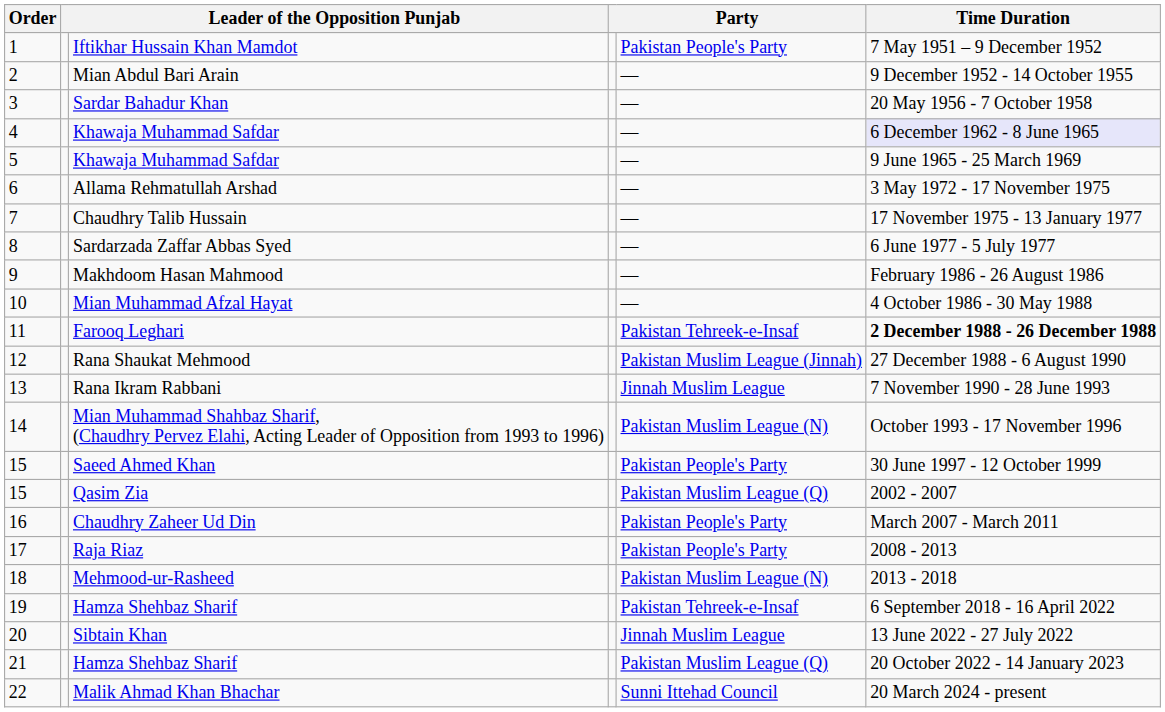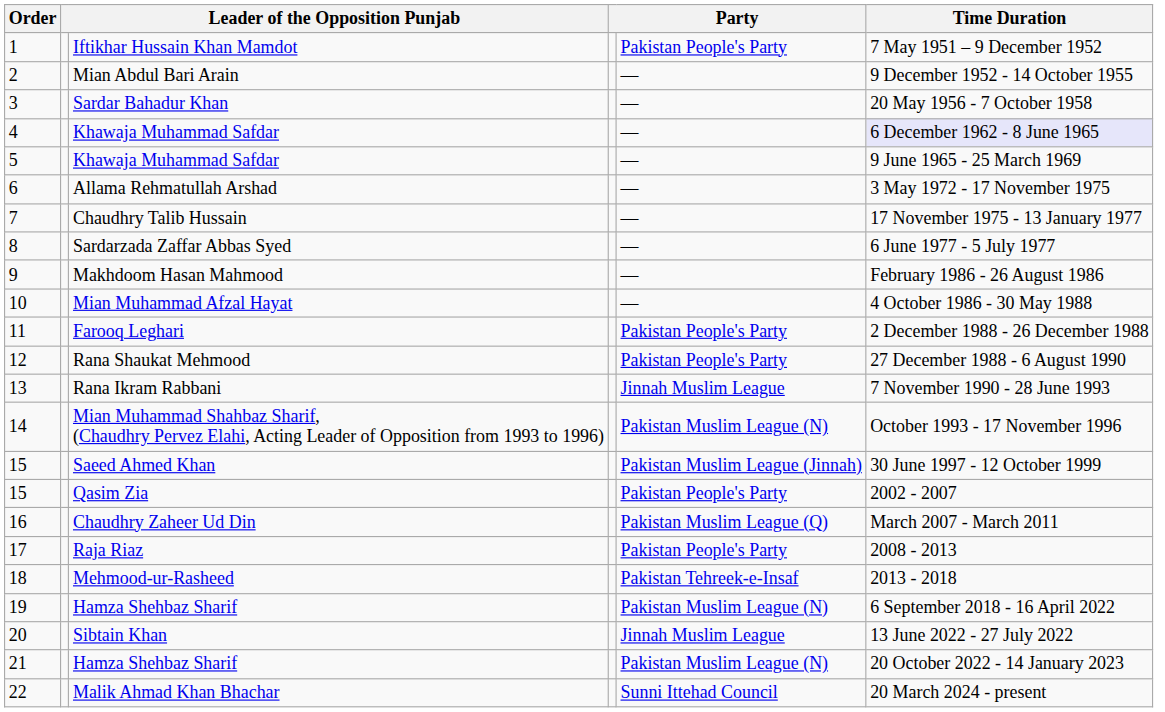 <table class="wikitable">
 <tr>
 <th>Order</th>
 <th colspan=2>Leader of the Opposition Punjab</th>
 <th colspan=2>Party</th>
 <th>Time Duration</th>
 </tr>
 <tr>
 <td>1</td>
 <td align="center"></td>
 <td><a href='#'>Iftikhar Hussain Khan Mamdot</a></td>
 <td align=center style="background-color:"></td>
 <td><a href='#'>Pakistan People's Party</a></td>
 <td>7 May 1951 – 9 December 1952</td>
 </tr>
 <tr>
 <td>2</td>
 <td align="center"></td>
 <td>Mian Abdul Bari Arain</td>
 <td align=center style="background-color: "></td>
 <td>—</td>
 <td>9 December 1952 - 14 October 1955</td>
 </tr>
 <tr>
 <td>3</td>
 <td align="center"></td>
 <td><a href='#'>Sardar Bahadur Khan</a></td>
 <td align=center style="background-color: "></td>
 <td>—</td>
 <td>20 May 1956 - 7 October 1958</td>
 </tr>
 <tr>
 <td>4</td>
 <td align="center"></td>
 <td><a href='#'>Khawaja Muhammad Safdar</a></td>
 <td align=center style="background-color: "></td>
 <td>—</td>
 <td style="background: lavender;">6 December 1962 - 8 June 1965</td>
 </tr>
 <tr>
 <td>5</td>
 <td align="center"></td>
 <td><a href='#'>Khawaja Muhammad Safdar</a></td>
 <td align=center style="background-color: "></td>
 <td>—</td>
 <td>9 June 1965 - 25 March 1969</td>
 </tr>
 <tr>
 <td>6</td>
 <td align="center"></td>
 <td>Allama Rehmatullah Arshad</td>
 <td align=center style="background-color: "></td>
 <td>—</td>
 <td>3 May 1972 - 17 November 1975</td>
 </tr>
 <tr>
 <td>7</td>
 <td align="center"></td>
 <td>Chaudhry Talib Hussain</td>
 <td align=center style="background-color: "></td>
 <td>—</td>
 <td>17 November 1975 - 13 January 1977</td>
 </tr>
 <tr>
 <td>8</td>
 <td align="center"></td>
 <td>Sardarzada Zaffar Abbas Syed</td>
 <td align=center style="background-color: "></td>
 <td>—</td>
 <td>6 June 1977 - 5 July 1977</td>
 </tr>
 <tr>
 <td>9</td>
 <td align="center"></td>
 <td>Makhdoom Hasan Mahmood</td>
 <td align=center style="background-color: "></td>
 <td>—</td>
 <td>February 1986 - 26 August 1986</td>
 </tr>
 <tr>
 <td>10</td>
 <td align="center"></td>
 <td><a href='#'>Mian Muhammad Afzal Hayat</a></td>
 <td align=center style="background-color: "></td>
 <td>—</td>
 <td>4 October 1986 - 30 May 1988</td>
 </tr>
 <tr>
 <td>11</td>
 <td align="center"></td>
 <td><a href='#'>Farooq Leghari</a></td>
 <td align=center style="background-color: "></td>
-<td><a href='#'>Pakistan Tehreek-e-Insaf</a></td>
-<td><strong>2 December 1988 - 26 December 1988</strong></td>
+<td><a href='#'>Pakistan People's Party</a></td>
+<td>2 December 1988 - 26 December 1988</td>
 </tr>
 <tr>
 <td>12</td>
 <td align="center"></td>
 <td>Rana Shaukat Mehmood</td>
 <td align=center style="background-color: "></td>
-<td><a href='#'>Pakistan Muslim League (Jinnah)</a></td>
+<td><a href='#'>Pakistan People's Party</a></td>
 <td>27 December 1988 - 6 August 1990</td>
 </tr>
 <tr>
 <td>13</td>
 <td align="center"></td>
 <td>Rana Ikram Rabbani</td>
 <td align=center style="background-color: "></td>
 <td><a href='#'>Jinnah Muslim League</a></td>
 <td>7 November 1990 - 28 June 1993</td>
 </tr>
 <tr>
 <td>14</td>
 <td align="center"></td>
 <td><a href='#'>Mian Muhammad Shahbaz Sharif</a>,<br> (<a href='#'>Chaudhry Pervez Elahi</a>, Acting Leader of Opposition from 1993 to 1996)</td>
 <td align=center style="background-color: "></td>
 <td><a href='#'>Pakistan Muslim League (N)</a></td>
 <td>October 1993 - 17 November 1996</td>
 </tr>
 <tr>
 <td>15</td>
 <td align="center"></td>
 <td><a href='#'>Saeed Ahmed Khan</a></td>
 <td align=center style="background-color: "></td>
-<td><a href='#'>Pakistan People's Party</a></td>
+<td><a href='#'>Pakistan Muslim League (Jinnah)</a></td>
 <td>30 June 1997 - 12 October 1999</td>
 </tr>
 <tr>
 <td>15</td>
 <td align="center"></td>
 <td><a href='#'>Qasim Zia</a></td>
 <td align=center style="background-color: "></td>
-<td><a href='#'>Pakistan Muslim League (Q)</a></td>
+<td><a href='#'>Pakistan People's Party</a></td>
 <td>2002 - 2007</td>
 </tr>
 <tr>
 <td>16</td>
 <td align="center"></td>
 <td><a href='#'>Chaudhry Zaheer Ud Din</a></td>
 <td align=center style="background-color: "></td>
-<td><a href='#'>Pakistan People's Party</a></td>
+<td><a href='#'>Pakistan Muslim League (Q)</a></td>
 <td>March 2007 - March 2011</td>
 </tr>
 <tr>
 <td>17</td>
 <td align="center"></td>
 <td><a href='#'>Raja Riaz</a></td>
 <td align=center style="background-color: "></td>
 <td><a href='#'>Pakistan People's Party</a></td>
 <td>2008 - 2013</td>
 </tr>
 <tr>
 <td>18</td>
 <td align="center"></td>
 <td><a href='#'>Mehmood-ur-Rasheed</a></td>
 <td align=center style="background-color: "></td>
-<td><a href='#'>Pakistan Muslim League (N)</a></td>
+<td><a href='#'>Pakistan Tehreek-e-Insaf</a></td>
 <td>2013 - 2018</td>
 </tr>
 <tr>
 <td>19</td>
 <td align="center"></td>
 <td><a href='#'>Hamza Shehbaz Sharif</a></td>
 <td align=center style="background-color: "></td>
-<td><a href='#'>Pakistan Tehreek-e-Insaf</a></td>
+<td><a href='#'>Pakistan Muslim League (N)</a></td>
 <td>6 September 2018 - 16 April 2022</td>
 </tr>
 <tr>
 <td>20</td>
 <td align="center"></td>
 <td><a href='#'>Sibtain Khan</a></td>
 <td align=center style="background-color: "></td>
 <td><a href='#'>Jinnah Muslim League</a></td>
 <td>13 June 2022 - 27 July 2022</td>
 </tr>
 <tr>
 <td>21</td>
 <td align="center"></td>
 <td><a href='#'>Hamza Shehbaz Sharif</a></td>
 <td align=center style="background-color: "></td>
-<td><a href='#'>Pakistan Muslim League (Q)</a></td>
+<td><a href='#'>Pakistan Muslim League (N)</a></td>
 <td>20 October 2022 - 14 January 2023</td>
 </tr>
 <tr>
 <td>22</td>
 <td align="center"></td>
 <td><a href='#'>Malik Ahmad Khan Bhachar</a></td>
 <td align=center style="background-color: "></td>
 <td><a href='#'>Sunni Ittehad Council</a></td>
 <td>20 March 2024 - present</td>
 </tr>
 </table>
